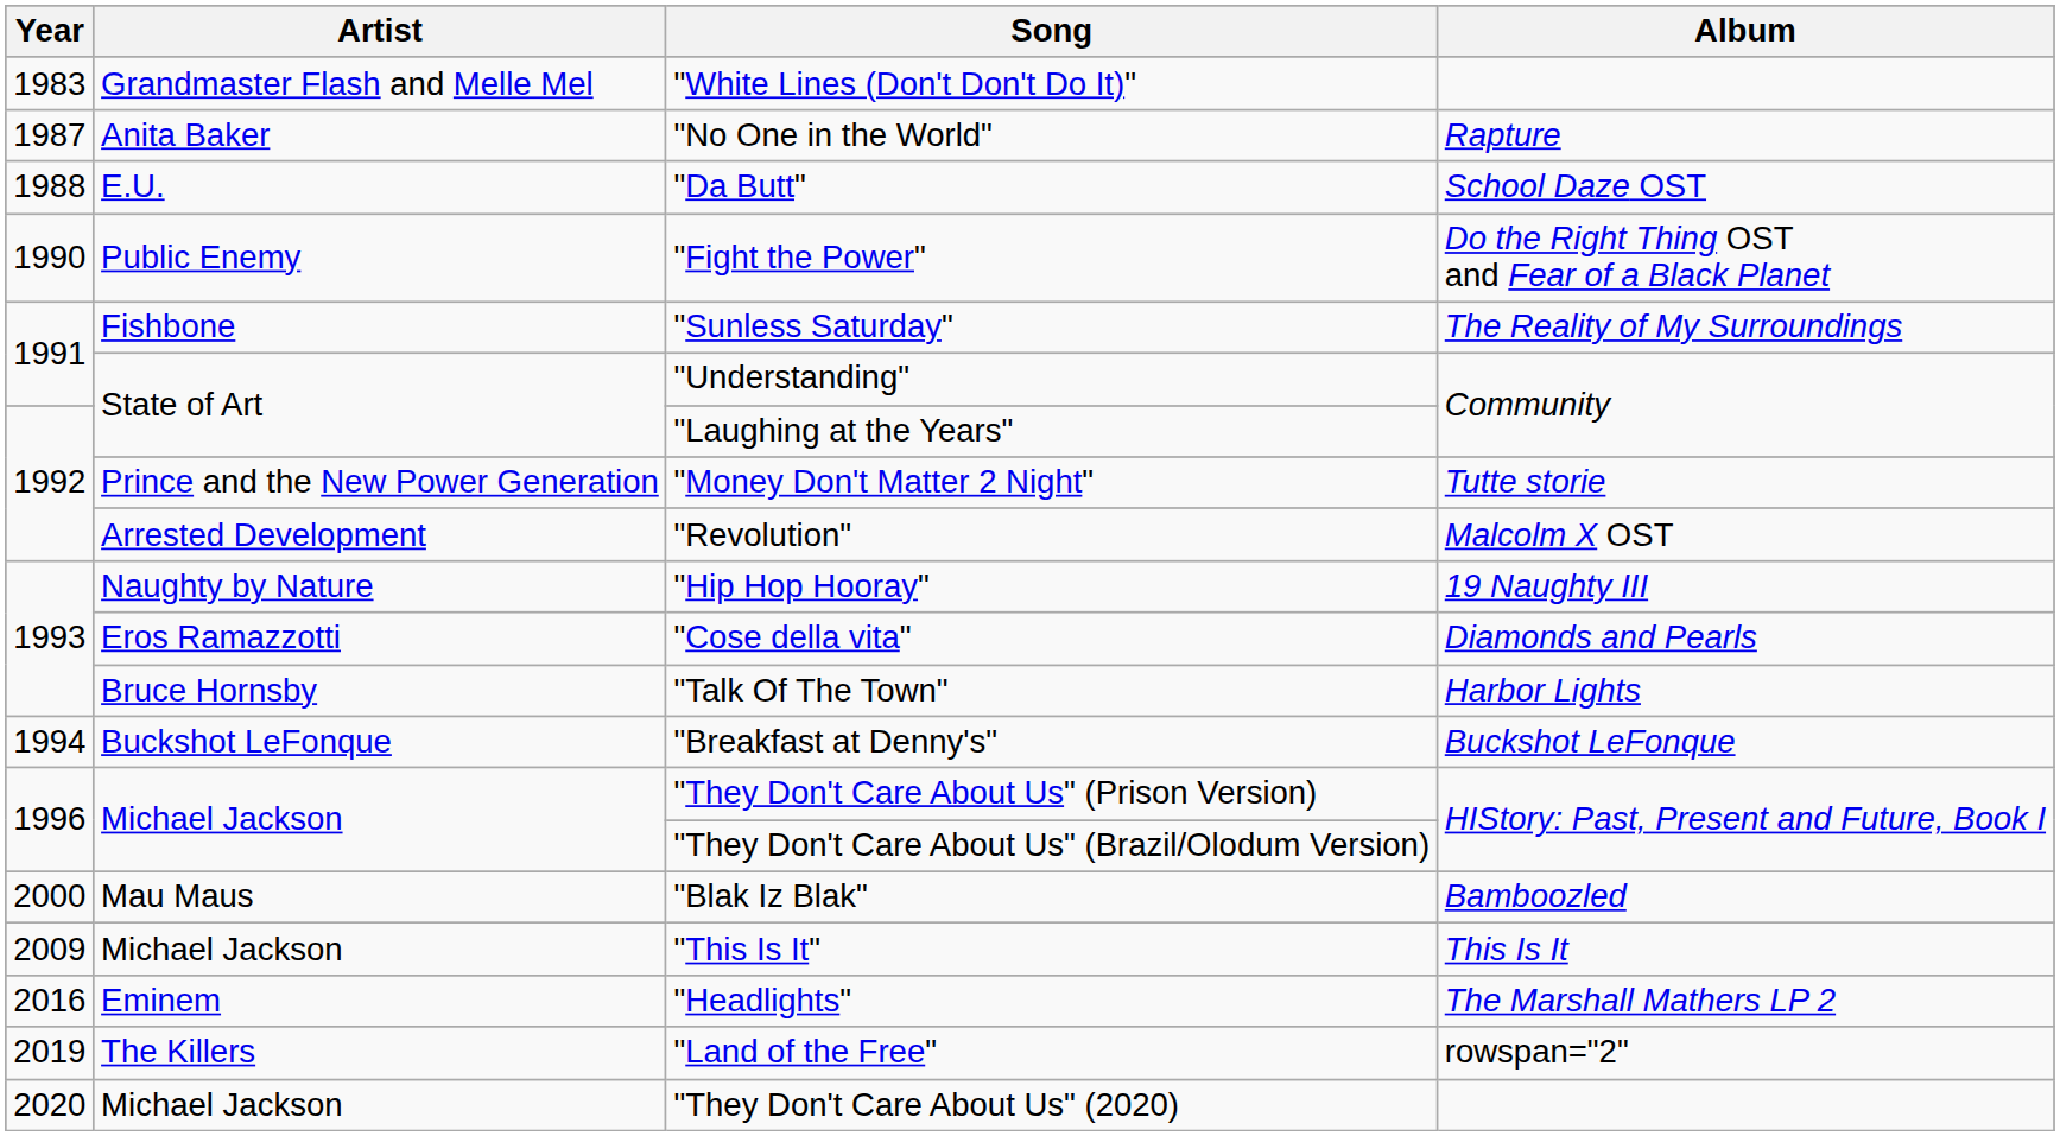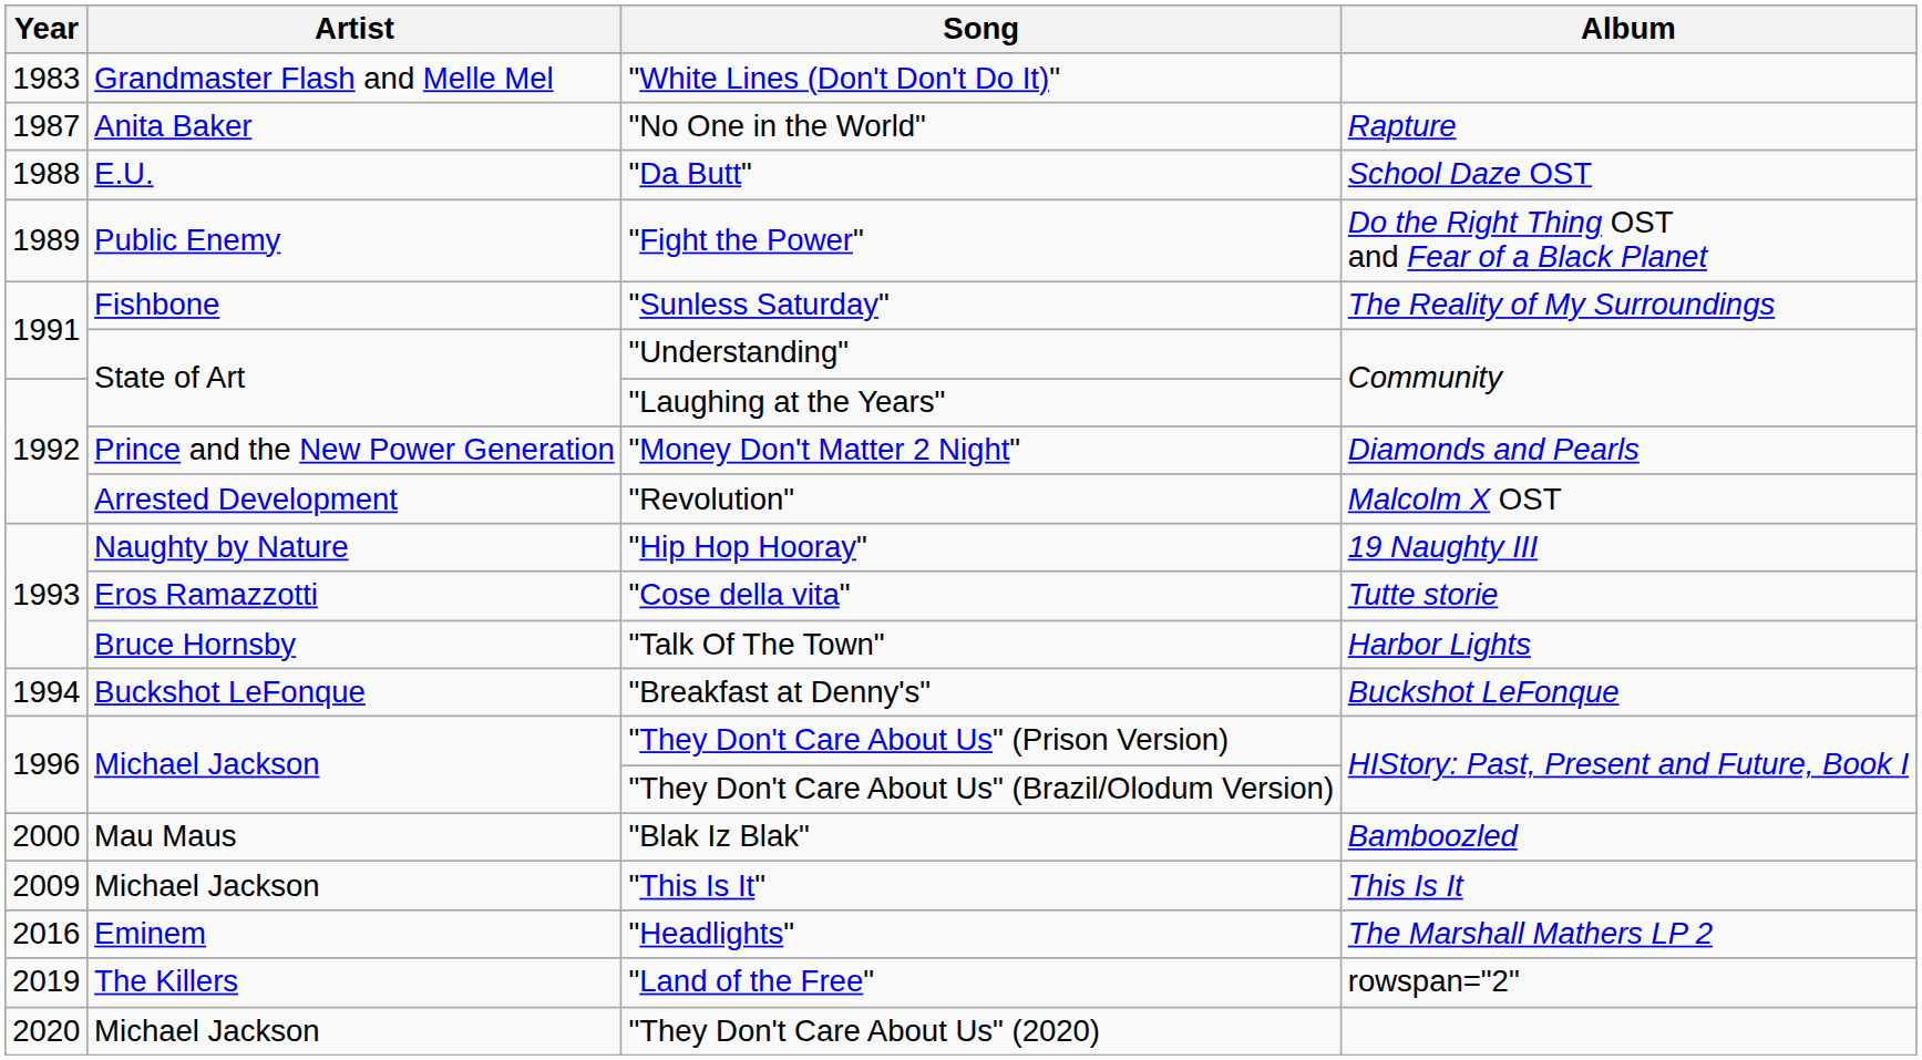 <table class="wikitable">
 <tr>
 <th>Year</th>
 <th>Artist</th>
 <th>Song</th>
 <th>Album</th>
 </tr>
 <tr>
 <td>1983</td>
 <td><a href='#'>Grandmaster Flash</a> and <a href='#'>Melle Mel</a></td>
 <td>"<a href='#'>White Lines (Don't Don't Do It)</a>"</td>
 <td></td>
 </tr>
 <tr>
 <td>1987</td>
 <td><a href='#'>Anita Baker</a></td>
 <td>"No One in the World"</td>
 <td><em><a href='#'>Rapture</a></em></td>
 </tr>
 <tr>
 <td>1988</td>
 <td><a href='#'>E.U.</a></td>
 <td>"<a href='#'>Da Butt</a>"</td>
 <td><a href='#'><em>School Daze</em> OST</a></td>
 </tr>
 <tr>
-<td>1990</td>
+<td>1989</td>
 <td><a href='#'>Public Enemy</a></td>
 <td>"<a href='#'>Fight the Power</a>"</td>
 <td><em><a href='#'>Do the Right Thing</a></em> OST<br>and <em><a href='#'>Fear of a Black Planet</a></em></td>
 </tr>
 <tr>
 <td rowspan="2">1991</td>
 <td><a href='#'>Fishbone</a></td>
 <td>"<a href='#'>Sunless Saturday</a>"</td>
 <td><em><a href='#'>The Reality of My Surroundings</a></em></td>
 </tr>
 <tr>
 <td rowspan=2>State of Art</td>
 <td>"Understanding"</td>
 <td rowspan=2><em>Community</em></td>
 </tr>
 <tr>
 <td rowspan="3">1992</td>
 <td>"Laughing at the Years"</td>
 </tr>
 <tr>
 <td><a href='#'>Prince</a> and the <a href='#'>New Power Generation</a></td>
 <td>"<a href='#'>Money Don't Matter 2 Night</a>"</td>
-<td><em><a href='#'>Tutte storie</a></em></td>
+<td><em><a href='#'>Diamonds and Pearls</a></em></td>
 </tr>
 <tr>
 <td><a href='#'>Arrested Development</a></td>
 <td>"Revolution"</td>
 <td><em><a href='#'>Malcolm X</a></em> OST</td>
 </tr>
 <tr>
 <td rowspan="3">1993</td>
 <td><a href='#'>Naughty by Nature</a></td>
 <td>"<a href='#'>Hip Hop Hooray</a>"</td>
 <td><em><a href='#'>19 Naughty III</a></em></td>
 </tr>
 <tr>
 <td><a href='#'>Eros Ramazzotti</a></td>
 <td>"<a href='#'>Cose della vita</a>"</td>
-<td><em><a href='#'>Diamonds and Pearls</a></em></td>
+<td><em><a href='#'>Tutte storie</a></em></td>
 </tr>
 <tr>
 <td><a href='#'>Bruce Hornsby</a></td>
 <td>"Talk Of The Town"</td>
 <td><em><a href='#'>Harbor Lights</a></em></td>
 </tr>
 <tr>
 <td>1994</td>
 <td><a href='#'>Buckshot LeFonque</a></td>
 <td>"Breakfast at Denny's"</td>
 <td><em><a href='#'>Buckshot LeFonque</a></em></td>
 </tr>
 <tr>
 <td rowspan="2">1996</td>
 <td rowspan=2><a href='#'>Michael Jackson</a></td>
 <td>"<a href='#'>They Don't Care About Us</a>" (Prison Version)</td>
 <td rowspan=2><em><a href='#'>HIStory: Past, Present and Future, Book I</a></em></td>
 </tr>
 <tr>
 <td>"They Don't Care About Us" (Brazil/Olodum Version)</td>
 </tr>
 <tr>
 <td>2000</td>
 <td>Mau Maus</td>
 <td>"Blak Iz Blak"</td>
 <td><em><a href='#'>Bamboozled</a></em></td>
 </tr>
 <tr>
 <td>2009</td>
 <td>Michael Jackson</td>
 <td>"<a href='#'>This Is It</a>"</td>
 <td><em><a href='#'>This Is It</a></em></td>
 </tr>
 <tr>
 <td>2016</td>
 <td><a href='#'>Eminem</a></td>
 <td>"<a href='#'>Headlights</a>"</td>
 <td><em><a href='#'>The Marshall Mathers LP 2</a></em></td>
 </tr>
 <tr>
 <td>2019</td>
 <td><a href='#'>The Killers</a></td>
 <td>"<a href='#'>Land of the Free</a>"</td>
 <td>rowspan="2" </td>
 </tr>
 <tr>
 <td>2020</td>
 <td>Michael Jackson</td>
 <td>"They Don't Care About Us" (2020)</td>
 </tr>
 </table>
